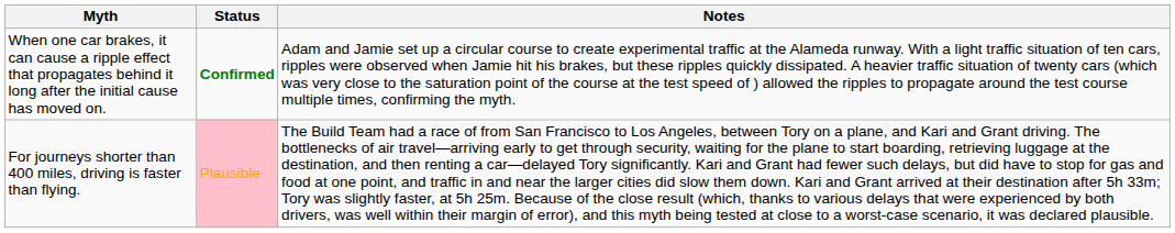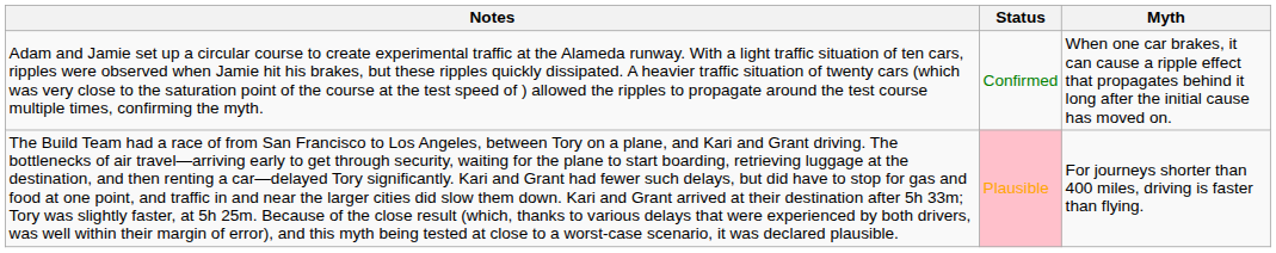 <table class="wikitable plainrowheaders">
 <tr>
+<th scope"col">Notes</th>
+<th scope"col">Status</th>
 <th scope"col">Myth</th>
-<th scope"col">Status</th>
-<th scope"col">Notes</th>
 </tr>
 <tr>
+<td>Adam and Jamie set up a circular course to create experimental traffic at the Alameda runway.  With a light traffic situation of ten cars, ripples were observed when Jamie hit his brakes, but these ripples quickly dissipated.  A heavier traffic situation of twenty cars (which was very close to the saturation point of the course at the test speed of ) allowed the ripples to propagate around the test course multiple times, confirming the myth.</td>
+<td style="color:green">Confirmed</td>
 <td scope"row">When one car brakes, it can cause a ripple effect that propagates behind it long after the initial cause has moved on.</td>
-<td style="color:green"><strong>Confirmed</strong></td>
-<td>Adam and Jamie set up a circular course to create experimental traffic at the Alameda runway.  With a light traffic situation of ten cars, ripples were observed when Jamie hit his brakes, but these ripples quickly dissipated.  A heavier traffic situation of twenty cars (which was very close to the saturation point of the course at the test speed of ) allowed the ripples to propagate around the test course multiple times, confirming the myth.</td>
 </tr>
 <tr>
+<td>The Build Team had a race of  from San Francisco to Los Angeles, between Tory on a plane, and Kari and Grant driving.  The bottlenecks of air travel—arriving early to get through security, waiting for the plane to start boarding, retrieving luggage at the destination, and then renting a car—delayed Tory significantly.  Kari and Grant had fewer such delays, but did have to stop for gas and food at one point, and traffic in and near the larger cities did slow them down.  Kari and Grant arrived at their destination after 5h 33m; Tory was slightly faster, at 5h 25m.  Because of the close result (which, thanks to various delays that were experienced by both drivers, was well within their margin of error), and this myth being tested at close to a worst-case scenario, it was declared plausible.</td>
+<td style="background: pink; color:orange">Plausible</td>
 <td scope"row">For journeys shorter than 400 miles, driving is faster than flying.</td>
-<td style="background: pink; color:orange">Plausible</td>
-<td>The Build Team had a race of  from San Francisco to Los Angeles, between Tory on a plane, and Kari and Grant driving.  The bottlenecks of air travel—arriving early to get through security, waiting for the plane to start boarding, retrieving luggage at the destination, and then renting a car—delayed Tory significantly.  Kari and Grant had fewer such delays, but did have to stop for gas and food at one point, and traffic in and near the larger cities did slow them down.  Kari and Grant arrived at their destination after 5h 33m; Tory was slightly faster, at 5h 25m.  Because of the close result (which, thanks to various delays that were experienced by both drivers, was well within their margin of error), and this myth being tested at close to a worst-case scenario, it was declared plausible.</td>
 </tr>
 </table>
